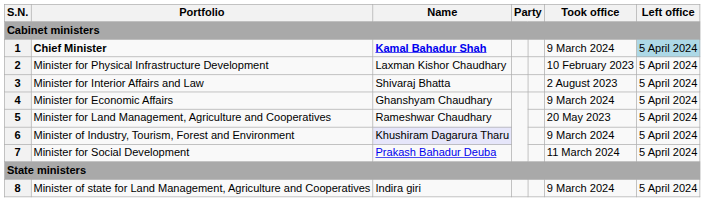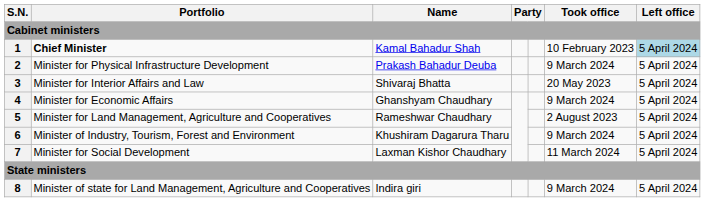 <table class="wikitable">
 <tr>
 <th>S.N.</th>
 <th>Portfolio</th>
 <th>Name</th>
 <th colspan="2">Party</th>
 <th>Took office</th>
 <th>Left office</th>
 </tr>
 <tr>
 <td colspan="7" bgcolor="darkgrey"><strong>Cabinet ministers</strong></td>
 </tr>
 <tr>
 <th>1</th>
 <td><strong>Chief Minister</strong></td>
-<td><strong><a href='#'>Kamal Bahadur Shah</a></strong></td>
+<td><a href='#'>Kamal Bahadur Shah</a></td>
 <td></td>
 <td></td>
-<td>9 March 2024</td>
+<td>10 February 2023</td>
 <td style="background: lightblue;">5 April 2024</td>
 </tr>
 <tr>
 <th>2</th>
 <td>Minister for Physical Infrastructure Development</td>
-<td>Laxman Kishor Chaudhary</td>
+<td><a href='#'>Prakash Bahadur Deuba</a></td>
 <td></td>
 <td></td>
-<td>10 February 2023</td>
+<td>9 March 2024</td>
 <td>5 April 2024</td>
 </tr>
 <tr>
 <th>3</th>
 <td>Minister for Interior Affairs and Law</td>
 <td>Shivaraj Bhatta</td>
 <td></td>
 <td></td>
-<td>2 August 2023</td>
+<td>20 May 2023</td>
 <td>5 April 2024</td>
 </tr>
 <tr>
 <th>4</th>
 <td>Minister for Economic Affairs</td>
 <td>Ghanshyam Chaudhary</td>
 <td rowspan="4"></td>
 <td></td>
 <td>9 March 2024</td>
 <td>5 April 2024</td>
 </tr>
 <tr>
 <th>5</th>
 <td>Minister for Land Management, Agriculture and Cooperatives</td>
 <td>Rameshwar Chaudhary</td>
 <td></td>
-<td>20 May 2023</td>
+<td>2 August 2023</td>
 <td>5 April 2024</td>
 </tr>
 <tr>
 <th>6</th>
 <td>Minister of Industry, Tourism, Forest and Environment</td>
-<td style="background: lavender;">Khushiram Dagarura Tharu</td>
+<td>Khushiram Dagarura Tharu</td>
 <td></td>
 <td>9 March 2024</td>
 <td>5 April 2024</td>
 </tr>
 <tr>
 <th>7</th>
 <td>Minister for Social Development</td>
-<td><a href='#'>Prakash Bahadur Deuba</a></td>
+<td>Laxman Kishor Chaudhary</td>
 <td></td>
 <td>11 March 2024</td>
 <td>5 April 2024</td>
 </tr>
 <tr>
 <td colspan="7" bgcolor="darkgrey"><strong>State ministers</strong></td>
 </tr>
 <tr>
 <th>8</th>
 <td>Minister of state for Land Management, Agriculture and Cooperatives</td>
 <td>Indira giri</td>
 <td></td>
 <td></td>
 <td>9 March 2024</td>
 <td>5 April 2024</td>
 </tr>
 </table>
